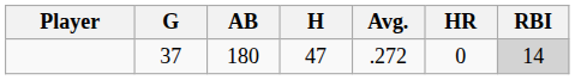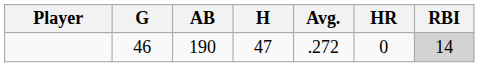 <table class="wikitable sortable">
 <tr>
 <th bgcolor="#DDDDFF" width="16%">Player</th>
 <th bgcolor="#DDDDFF" width="9%">G</th>
 <th bgcolor="#DDDDFF" width="9%">AB</th>
 <th bgcolor="#DDDDFF" width="9%">H</th>
 <th bgcolor="#DDDDFF" width="9%">Avg.</th>
 <th bgcolor="#DDDDFF" width="9%">HR</th>
 <th bgcolor="#DDDDFF" width="9%">RBI</th>
 </tr>
 <tr align="center">
 <td></td>
-<td>37</td>
-<td>180</td>
+<td>46</td>
+<td>190</td>
 <td>47</td>
 <td>.272</td>
 <td>0</td>
 <td style="background: lightgrey;">14</td>
 </tr>
 </table>
